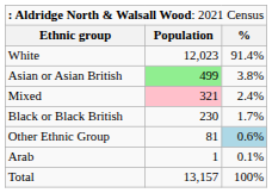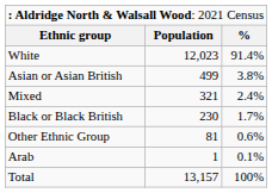 <table class="wikitable">
 <tr>
 <td colspan="14" style="text-align:right;"><strong>: Aldridge North & Walsall Wood</strong>: 2021 Census</td>
 </tr>
 <tr>
 <th>Ethnic group</th>
 <th>Population</th>
 <th>%</th>
 </tr>
 <tr>
 <td>White</td>
 <td style="text-align:right;">12,023</td>
 <td style="text-align:right;">91.4%</td>
 </tr>
 <tr>
 <td>Asian or Asian British</td>
-<td style="background: lightgreen; text-align:right;">499</td>
+<td style="text-align:right;">499</td>
 <td style="text-align:right;">3.8%</td>
 </tr>
 <tr>
 <td>Mixed</td>
-<td style="background: pink; text-align:right;">321</td>
+<td style="text-align:right;">321</td>
 <td style="text-align:right;">2.4%</td>
 </tr>
 <tr>
 <td>Black or Black British</td>
 <td style="text-align:right;">230</td>
 <td style="text-align:right;">1.7%</td>
 </tr>
 <tr>
 <td>Other Ethnic Group</td>
 <td style="text-align:right;">81</td>
-<td style="background: lightblue; text-align:right;">0.6%</td>
+<td style="text-align:right;">0.6%</td>
 </tr>
 <tr>
 <td>Arab</td>
 <td style="text-align:right;">1</td>
 <td style="text-align:right;">0.1%</td>
 </tr>
 <tr>
 <td>Total</td>
 <td style="text-align:right;">13,157</td>
 <td style="text-align:right;">100%</td>
 </tr>
 </table>
